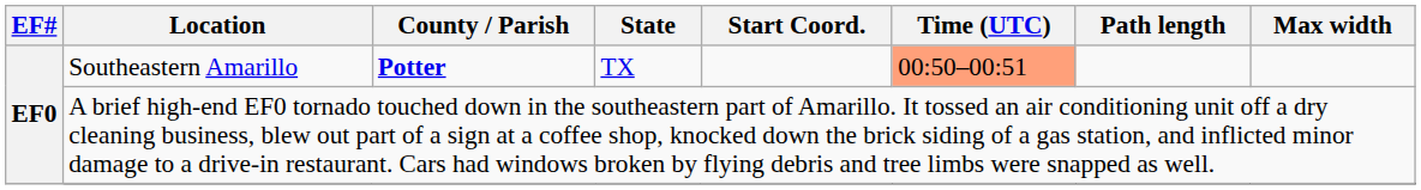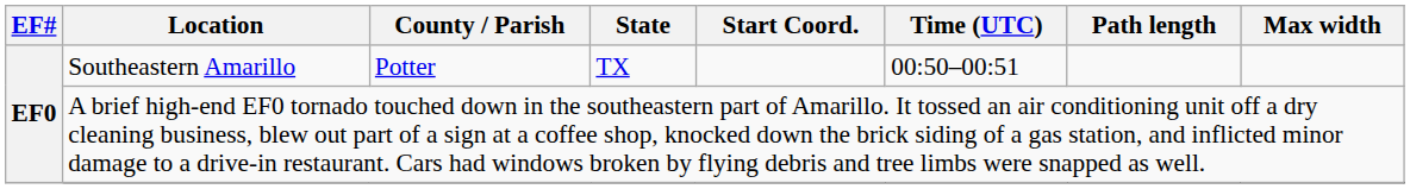 <table class="wikitable sortable" style="width:100%;">
 <tr>
 <th scope="col" width="2%" align="center"><a href='#'>EF#</a></th>
 <th scope="col" align="center" class="unsortable">Location</th>
 <th scope="col" align="center" class="unsortable">County / Parish</th>
 <th scope="col" align="center">State</th>
 <th scope="col" align="center">Start Coord.</th>
 <th scope="col" align="center">Time (<a href='#'>UTC</a>)</th>
 <th scope="col" align="center">Path length</th>
 <th scope="col" align="center">Max width</th>
 </tr>
 <tr>
 <th scope="row" rowspan="2" style="background-color:#">EF0</th>
 <td>Southeastern <a href='#'>Amarillo</a></td>
-<td><strong><a href='#'>Potter</a></strong></td>
+<td><a href='#'>Potter</a></td>
 <td><a href='#'>TX</a></td>
 <td></td>
-<td style="background: lightsalmon;">00:50–00:51</td>
+<td>00:50–00:51</td>
 <td></td>
 <td></td>
 </tr>
 <tr class="expand-child">
 <td colspan="8" style=" border-bottom: 1px solid black;">A brief high-end EF0 tornado touched down in the southeastern part of Amarillo. It tossed an air conditioning unit off a dry cleaning business, blew out part of a sign at a coffee shop, knocked down the brick siding of a gas station, and inflicted minor damage to a drive-in restaurant. Cars had windows broken by flying debris and tree limbs were snapped as well.</td>
 </tr>
 <tr>
 </tr>
 </table>
